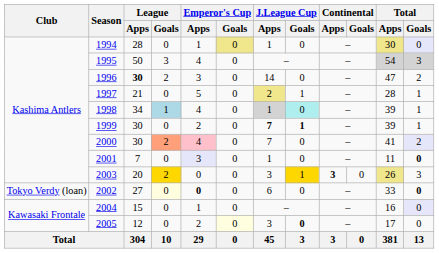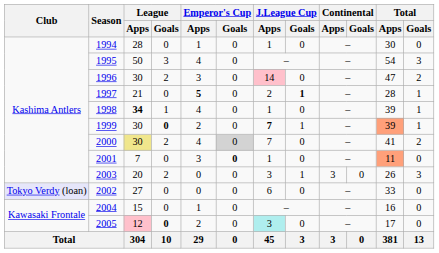 <table class="wikitable" style="text-align:center">
 <tr>
 <th rowspan="2">Club</th>
 <th rowspan="2">Season</th>
 <th colspan="2">League</th>
 <th colspan="2"><a href='#'>Emperor's Cup</a></th>
 <th colspan="2"><a href='#'>J.League Cup</a></th>
 <th colspan="2">Continental</th>
 <th colspan="2">Total</th>
 </tr>
 <tr>
 <th>Apps</th>
 <th>Goals</th>
 <th>Apps</th>
 <th>Goals</th>
 <th>Apps</th>
 <th>Goals</th>
 <th>Apps</th>
 <th>Goals</th>
 <th>Apps</th>
 <th>Goals</th>
 </tr>
 <tr>
 <td rowspan="9"><a href='#'>Kashima Antlers</a></td>
 <td><a href='#'>1994</a></td>
 <td>28</td>
 <td>0</td>
 <td>1</td>
-<td style="background: khaki;">0</td>
+<td>0</td>
 <td>1</td>
 <td>0</td>
 <td colspan="2">–</td>
-<td style="background: khaki;">30</td>
-<td style="background: lavender;">0</td>
+<td>30</td>
+<td>0</td>
 </tr>
 <tr>
 <td><a href='#'>1995</a></td>
 <td>50</td>
 <td>3</td>
 <td>4</td>
 <td>0</td>
 <td colspan="2">–</td>
 <td colspan="2">–</td>
-<td style="background: lightgrey;">54</td>
-<td style="background: lightgrey;">3</td>
+<td>54</td>
+<td>3</td>
 </tr>
 <tr>
 <td><a href='#'>1996</a></td>
-<td><strong>30</strong></td>
+<td>30</td>
 <td>2</td>
 <td>3</td>
 <td>0</td>
-<td>14</td>
+<td style="background: pink;">14</td>
 <td>0</td>
 <td colspan="2">–</td>
 <td>47</td>
 <td>2</td>
 </tr>
 <tr>
 <td><a href='#'>1997</a></td>
 <td>21</td>
 <td>0</td>
-<td>5</td>
+<td><strong>5</strong></td>
 <td>0</td>
-<td style="background: khaki;">2</td>
-<td>1</td>
+<td>2</td>
+<td><strong>1</strong></td>
 <td colspan="2">–</td>
 <td>28</td>
 <td>1</td>
 </tr>
 <tr>
 <td><a href='#'>1998</a></td>
-<td>34</td>
-<td style="background: lightblue;">1</td>
+<td><strong>34</strong></td>
+<td>1</td>
 <td>4</td>
 <td>0</td>
-<td style="background: lightgrey;">1</td>
-<td style="background: paleturquoise;">0</td>
+<td>1</td>
+<td>0</td>
 <td colspan="2">–</td>
 <td>39</td>
 <td>1</td>
 </tr>
 <tr>
 <td><a href='#'>1999</a></td>
 <td>30</td>
-<td>0</td>
+<td><strong>0</strong></td>
 <td>2</td>
 <td>0</td>
 <td><strong>7</strong></td>
-<td><strong>1</strong></td>
+<td>1</td>
 <td colspan="2">–</td>
-<td>39</td>
+<td style="background: lightsalmon;">39</td>
 <td>1</td>
 </tr>
 <tr>
 <td><a href='#'>2000</a></td>
-<td>30</td>
-<td style="background: lightsalmon;">2</td>
-<td style="background: pink;">4</td>
-<td>0</td>
+<td style="background: khaki;">30</td>
+<td>2</td>
+<td>4</td>
+<td style="background: lightgrey;">0</td>
 <td>7</td>
 <td>0</td>
 <td colspan="2">–</td>
 <td>41</td>
-<td style="background: lavender;">2</td>
+<td>2</td>
 </tr>
 <tr>
 <td><a href='#'>2001</a></td>
 <td>7</td>
 <td>0</td>
-<td style="background: lavender;">3</td>
-<td>0</td>
+<td>3</td>
+<td><strong>0</strong></td>
 <td>1</td>
 <td>0</td>
 <td colspan="2">–</td>
-<td>11</td>
-<td><strong>0</strong></td>
+<td style="background: lightsalmon;">11</td>
+<td>0</td>
 </tr>
 <tr>
 <td><a href='#'>2003</a></td>
 <td>20</td>
-<td style="background: gold;">2</td>
+<td>2</td>
 <td>0</td>
 <td>0</td>
 <td>3</td>
-<td style="background: gold;">1</td>
-<td><strong>3</strong></td>
+<td>1</td>
+<td>3</td>
 <td>0</td>
-<td style="background: khaki;">26</td>
+<td>26</td>
 <td>3</td>
 </tr>
 <tr>
-<td><a href='#'>Tokyo Verdy</a> (loan)</td>
+<td style="background: lavender;"><a href='#'>Tokyo Verdy</a> (loan)</td>
 <td><a href='#'>2002</a></td>
 <td>27</td>
-<td style="background: lightyellow;">0</td>
-<td><strong>0</strong></td>
+<td>0</td>
+<td>0</td>
 <td>0</td>
 <td>6</td>
 <td>0</td>
 <td colspan="2">–</td>
 <td>33</td>
-<td><strong>0</strong></td>
+<td>0</td>
 </tr>
 <tr>
 <td rowspan="2"><a href='#'>Kawasaki Frontale</a></td>
 <td><a href='#'>2004</a></td>
 <td>15</td>
 <td>0</td>
 <td>1</td>
 <td>0</td>
 <td colspan="2">–</td>
 <td colspan="2">–</td>
 <td>16</td>
-<td style="background: lavender;">0</td>
+<td>0</td>
 </tr>
 <tr>
 <td><a href='#'>2005</a></td>
-<td>12</td>
+<td style="background: pink;">12</td>
+<td><strong>0</strong></td>
+<td>2</td>
 <td>0</td>
-<td>2</td>
-<td style="background: lightyellow;">0</td>
-<td>3</td>
-<td><strong>0</strong></td>
+<td style="background: paleturquoise;">3</td>
+<td>0</td>
 <td colspan="2">–</td>
 <td>17</td>
 <td>0</td>
 </tr>
 <tr>
 <th colspan="2">Total</th>
 <th>304</th>
 <th>10</th>
 <th>29</th>
 <th>0</th>
 <th>45</th>
 <th>3</th>
 <th>3</th>
 <th>0</th>
 <th>381</th>
 <th>13</th>
 </tr>
 </table>
